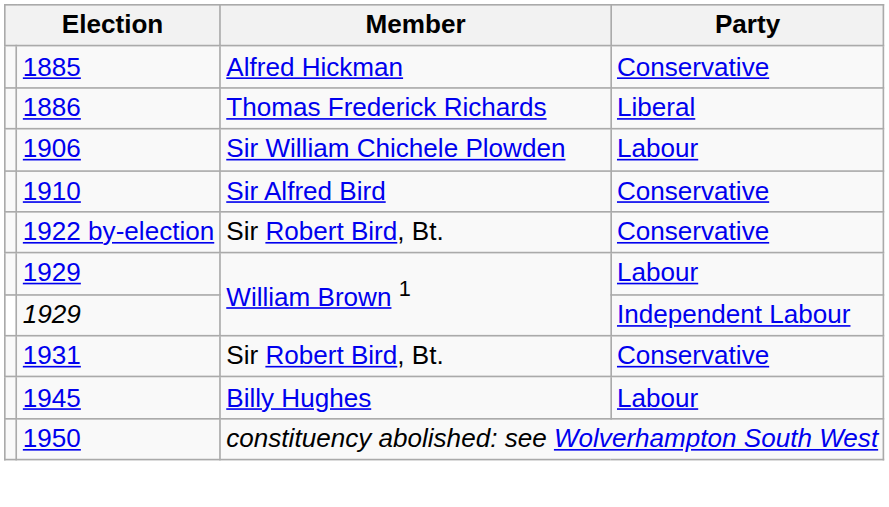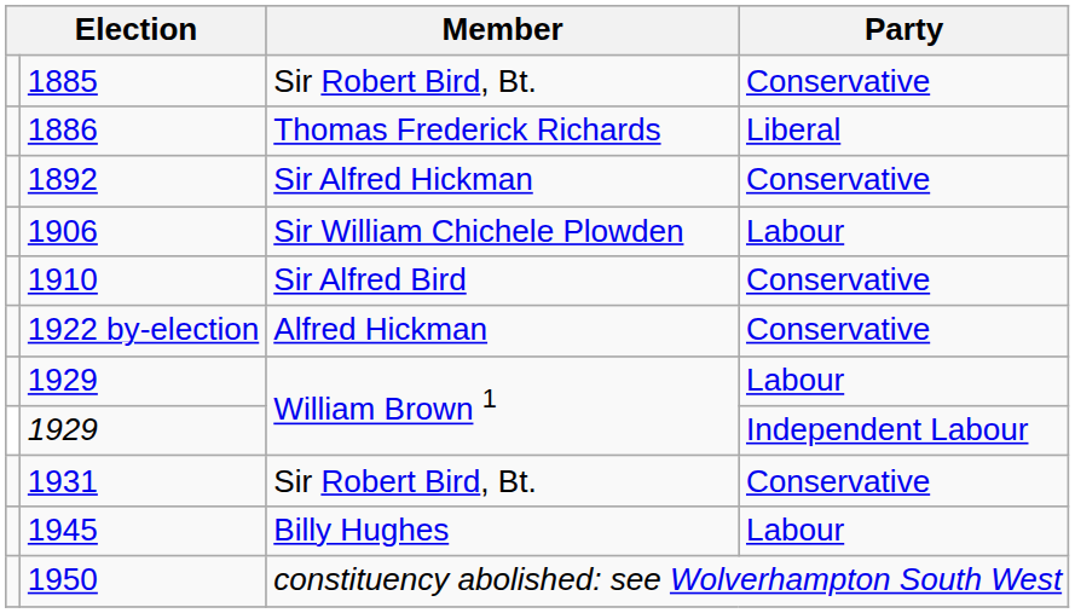 <table class="wikitable">
 <tr>
 <th colspan="2">Election</th>
 <th>Member</th>
 <th>Party</th>
 </tr>
 <tr>
 <td style="color:inherit;background-color: "></td>
 <td><a href='#'>1885</a></td>
-<td><a href='#'>Alfred Hickman</a></td>
+<td>Sir <a href='#'>Robert Bird</a>, Bt.</td>
 <td><a href='#'>Conservative</a></td>
 </tr>
 <tr>
 <td style="color:inherit;background-color: "></td>
 <td><a href='#'>1886</a></td>
 <td><a href='#'>Thomas Frederick Richards</a></td>
 <td><a href='#'>Liberal</a></td>
+</tr>
+<tr>
+<td style="color:inherit;background-color: "></td>
+<td><a href='#'>1892</a></td>
+<td><a href='#'>Sir Alfred Hickman</a></td>
+<td><a href='#'>Conservative</a></td>
 </tr>
 <tr>
 <td style="color:inherit;background-color: "></td>
 <td><a href='#'>1906</a></td>
 <td><a href='#'>Sir William Chichele Plowden</a></td>
 <td><a href='#'>Labour</a></td>
 </tr>
 <tr>
 <td style="color:inherit;background-color: "></td>
 <td><a href='#'>1910</a></td>
 <td><a href='#'>Sir Alfred Bird</a></td>
 <td><a href='#'>Conservative</a></td>
 </tr>
 <tr>
 <td style="color:inherit;background-color: "></td>
 <td><a href='#'>1922 by-election</a></td>
-<td>Sir <a href='#'>Robert Bird</a>, Bt.</td>
+<td><a href='#'>Alfred Hickman</a></td>
 <td><a href='#'>Conservative</a></td>
 </tr>
 <tr>
 <td style="color:inherit;background-color: "></td>
 <td><a href='#'>1929</a></td>
 <td rowspan="2"><a href='#'>William Brown</a> <sup>1</sup></td>
 <td><a href='#'>Labour</a></td>
 </tr>
 <tr>
 <td style="color:inherit;background-color: white"></td>
 <td><em>1929</em></td>
 <td><a href='#'>Independent Labour</a></td>
 </tr>
 <tr>
 <td style="color:inherit;background-color: "></td>
 <td><a href='#'>1931</a></td>
 <td>Sir <a href='#'>Robert Bird</a>, Bt.</td>
 <td><a href='#'>Conservative</a></td>
 </tr>
 <tr>
 <td style="color:inherit;background-color: "></td>
 <td><a href='#'>1945</a></td>
 <td><a href='#'>Billy Hughes</a></td>
 <td><a href='#'>Labour</a></td>
 </tr>
 <tr>
 <td></td>
 <td><a href='#'>1950</a></td>
 <td colspan="2"><em>constituency abolished: see <a href='#'>Wolverhampton South West</a></em></td>
 </tr>
 </table>
